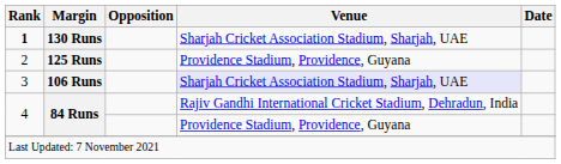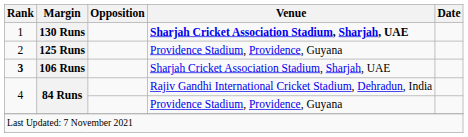 <table class="wikitable plainrowheaders sortable">
 <tr>
 <th scope=col>Rank</th>
 <th scope=col>Margin</th>
 <th scope=col>Opposition</th>
 <th scope=col>Venue</th>
 <th scope=col>Date</th>
 </tr>
 <tr>
-<td align=center><strong>1</strong></td>
+<td align=center>1</td>
 <th scope=row style=text-align:center;>130 Runs</th>
 <td></td>
-<td><a href='#'>Sharjah Cricket Association Stadium</a>, <a href='#'>Sharjah</a>, UAE</td>
+<td><strong><a href='#'>Sharjah Cricket Association Stadium</a>, <a href='#'>Sharjah</a>, UAE</strong></td>
 <td> </td>
 </tr>
 <tr>
 <td align=center>2</td>
 <th scope=row style=text-align:center;>125 Runs</th>
 <td></td>
 <td><a href='#'>Providence Stadium</a>, <a href='#'>Providence</a>, Guyana</td>
 <td> </td>
 </tr>
 <tr>
-<td align=center>3</td>
+<td align=center><strong>3</strong></td>
 <th scope=row style=text-align:center;>106 Runs</th>
 <td></td>
-<td style="background: lavender;"><a href='#'>Sharjah Cricket Association Stadium</a>, <a href='#'>Sharjah</a>, UAE</td>
+<td><a href='#'>Sharjah Cricket Association Stadium</a>, <a href='#'>Sharjah</a>, UAE</td>
 <td></td>
 </tr>
 <tr>
 <td align=center rowspan=2>4</td>
 <th scope=row style=text-align:center; rowspan=2>84 Runs</th>
 <td></td>
 <td><a href='#'>Rajiv Gandhi International Cricket Stadium</a>, <a href='#'>Dehradun</a>, India</td>
 <td></td>
 </tr>
 <tr>
 <td></td>
 <td><a href='#'>Providence Stadium</a>, <a href='#'>Providence</a>, Guyana</td>
 <td> </td>
 </tr>
 <tr>
 </tr>
 <tr class=sortbottom>
 <td colspan=6><small>Last Updated: 7 November 2021</small></td>
 </tr>
 </table>
